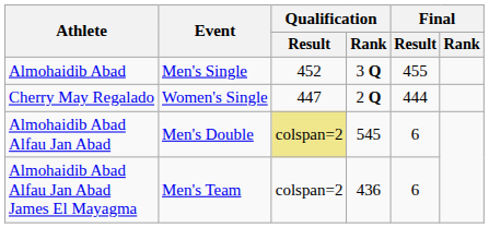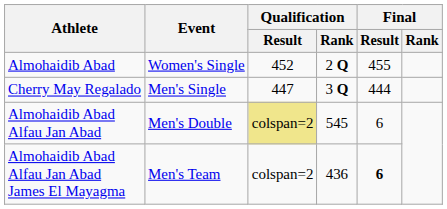 <table class="wikitable" style="font-size:90%">
 <tr>
 <th rowspan=2>Athlete</th>
 <th rowspan=2>Event</th>
 <th colspan=2>Qualification</th>
 <th colspan=2>Final</th>
 </tr>
 <tr style="font-size:95%">
 <th>Result</th>
 <th>Rank</th>
 <th>Result</th>
 <th>Rank</th>
 </tr>
 <tr>
 <td><a href='#'>Almohaidib Abad</a></td>
-<td><a href='#'>Men's Single</a></td>
+<td><a href='#'>Women's Single</a></td>
 <td align=center>452</td>
-<td align=center>3 <strong>Q</strong></td>
+<td align=center>2 <strong>Q</strong></td>
 <td align=center>455</td>
 <td align=center></td>
 </tr>
 <tr>
 <td><a href='#'>Cherry May Regalado</a></td>
-<td><a href='#'>Women's Single</a></td>
+<td><a href='#'>Men's Single</a></td>
 <td align=center>447</td>
-<td align=center>2 <strong>Q</strong></td>
+<td align=center>3 <strong>Q</strong></td>
 <td align=center>444</td>
 <td align=center></td>
 </tr>
 <tr>
 <td><a href='#'>Almohaidib Abad</a> <br> <a href='#'>Alfau Jan Abad</a></td>
 <td><a href='#'>Men's Double</a></td>
 <td style="background: khaki;">colspan=2 </td>
 <td align=center>545</td>
 <td align=center>6</td>
 </tr>
 <tr>
 <td><a href='#'>Almohaidib Abad</a> <br> <a href='#'>Alfau Jan Abad</a> <br> <a href='#'>James El Mayagma</a></td>
 <td><a href='#'>Men's Team</a></td>
 <td>colspan=2 </td>
 <td align=center>436</td>
-<td align=center>6</td>
+<td align=center><strong>6</strong></td>
 </tr>
 </table>
